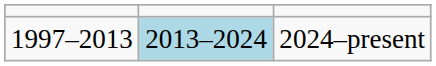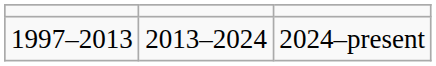 <table class="wikitable" style="text-align:center">
 <tr>
 <td></td>
 <td></td>
 <td></td>
 </tr>
 <tr>
 <td>1997–2013</td>
-<td style="background: lightblue;">2013–2024</td>
+<td>2013–2024</td>
 <td>2024–present</td>
 </tr>
 </table>
